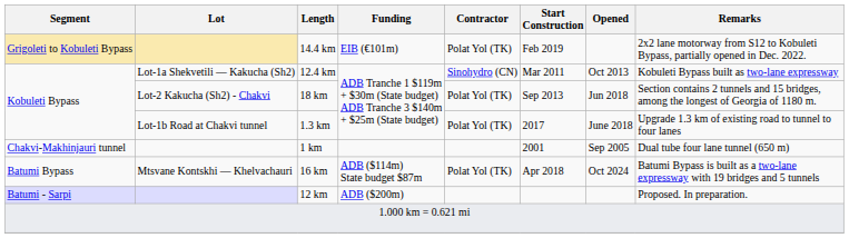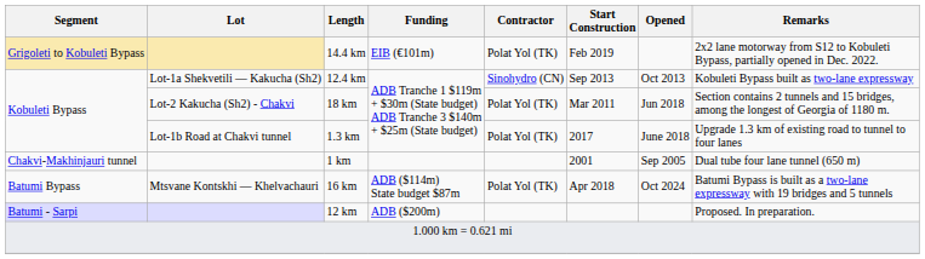 <table class="wikitable">
 <tr>
 <th>Segment</th>
 <th>Lot</th>
 <th>Length</th>
 <th>Funding</th>
 <th>Contractor</th>
 <th>Start<br>Construction</th>
 <th>Opened</th>
 <th width="300px">Remarks</th>
 </tr>
 <tr>
 <td style="background-color:#faeaaf;"><a href='#'>Grigoleti</a> to <a href='#'>Kobuleti</a> Bypass</td>
 <td style="background-color:#faeaaf;"></td>
 <td>14.4 km</td>
 <td><a href='#'>EIB</a> (€101m)</td>
 <td>Polat Yol (TK)</td>
 <td>Feb 2019</td>
 <td></td>
 <td>2x2 lane motorway from S12 to Kobuleti Bypass, partially opened in Dec. 2022.</td>
 </tr>
 <tr>
 <td rowspan=3><a href='#'>Kobuleti</a> Bypass</td>
 <td>Lot-1a Shekvetili — Kakucha (Sh2)</td>
 <td>12.4 km</td>
 <td rowspan=3><a href='#'>ADB</a> Tranche 1 $119m<br> + $30m (State budget)<br><a href='#'>ADB</a> Tranche 3 $140m<br> + $25m (State budget)</td>
 <td><a href='#'>Sinohydro</a> (CN)</td>
-<td>Mar 2011</td>
+<td>Sep 2013</td>
 <td>Oct 2013</td>
 <td>Kobuleti Bypass built as <a href='#'>two-lane expressway</a></td>
 </tr>
 <tr>
 <td>Lot-2 Kakucha (Sh2) - <a href='#'>Chakvi</a></td>
 <td>18 km</td>
 <td>Polat Yol (TK)</td>
-<td>Sep 2013</td>
+<td>Mar 2011</td>
 <td>Jun 2018</td>
 <td>Section contains 2 tunnels and 15 bridges, among the longest of Georgia of 1180 m.</td>
 </tr>
 <tr>
 <td>Lot-1b Road at Chakvi tunnel</td>
 <td>1.3 km</td>
 <td>Polat Yol (TK)</td>
 <td>2017</td>
 <td>June 2018</td>
 <td>Upgrade 1.3 km of existing road to tunnel to four lanes</td>
 </tr>
 <tr>
 <td><a href='#'>Chakvi</a>-<a href='#'>Makhinjauri</a> tunnel</td>
 <td></td>
 <td>1 km</td>
 <td></td>
 <td></td>
 <td>2001</td>
 <td>Sep 2005</td>
 <td>Dual tube four lane tunnel (650 m)</td>
 </tr>
 <tr>
 <td><a href='#'>Batumi</a> Bypass<br></td>
 <td>Mtsvane Kontskhi — Khelvachauri</td>
 <td>16 km</td>
 <td><a href='#'>ADB</a> ($114m)<br>State budget $87m</td>
 <td>Polat Yol (TK)</td>
 <td>Apr 2018 </td>
 <td>Oct 2024</td>
 <td>Batumi Bypass is built as a <a href='#'>two-lane expressway</a> with 19 bridges and 5 tunnels</td>
 </tr>
 <tr>
 <td style="background-color:#dcdcfe;"><a href='#'>Batumi</a> - <a href='#'>Sarpi</a></td>
 <td style="background-color:#dcdcfe;"></td>
 <td>12 km</td>
 <td><a href='#'>ADB</a> ($200m)</td>
 <td></td>
 <td></td>
 <td></td>
 <td>Proposed. In preparation.</td>
 </tr>
 <tr>
 <td colspan=8 class="wikitable" style="align:center;text-align:center;background-color:#eaecf0">1.000 km = 0.621 mi<br><br></td>
 </tr>
 <tr>
 </tr>
 </table>
